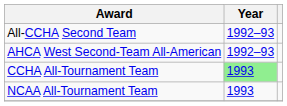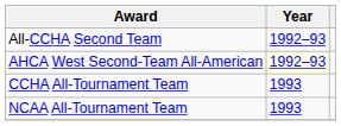 <table class="wikitable">
 <tr>
 <th>Award</th>
 <th>Year</th>
 <th></th>
 </tr>
 <tr>
 <td>All-<a href='#'>CCHA</a> <a href='#'>Second Team</a></td>
 <td><a href='#'>1992–93</a></td>
 <td></td>
 </tr>
 <tr>
 <td><a href='#'>AHCA</a> <a href='#'>West Second-Team All-American</a></td>
-<td><a href='#'>1992–93</a></td>
+<td style="background: lightyellow;"><a href='#'>1992–93</a></td>
 <td></td>
 </tr>
 <tr>
 <td><a href='#'>CCHA</a> <a href='#'>All-Tournament Team</a></td>
-<td style="background: lightgreen;"><a href='#'>1993</a></td>
+<td><a href='#'>1993</a></td>
 <td></td>
 </tr>
 <tr>
 <td><a href='#'>NCAA</a> <a href='#'>All-Tournament Team</a></td>
 <td><a href='#'>1993</a></td>
 <td></td>
 </tr>
 <tr>
 </tr>
 </table>
